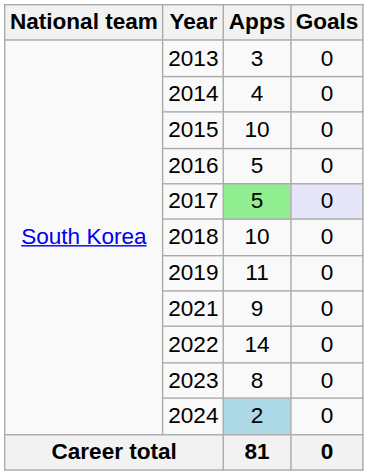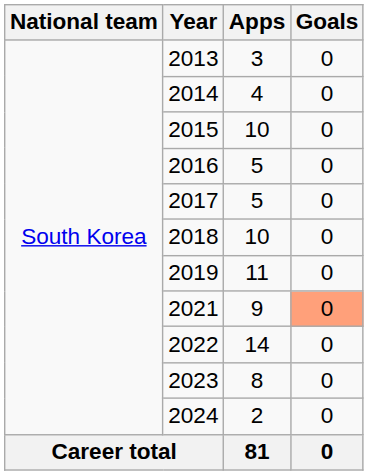 <table class="wikitable" style="text-align:center">
 <tr>
 <th>National team</th>
 <th>Year</th>
 <th>Apps</th>
 <th>Goals</th>
 </tr>
 <tr>
 <td rowspan="11"><a href='#'>South Korea</a></td>
 <td>2013</td>
 <td>3</td>
 <td>0</td>
 </tr>
 <tr>
 <td>2014</td>
 <td>4</td>
 <td>0</td>
 </tr>
 <tr>
 <td>2015</td>
 <td>10</td>
 <td>0</td>
 </tr>
 <tr>
 <td>2016</td>
 <td>5</td>
 <td>0</td>
 </tr>
 <tr>
 <td>2017</td>
-<td style="background: lightgreen;">5</td>
-<td style="background: lavender;">0</td>
+<td>5</td>
+<td>0</td>
 </tr>
 <tr>
 <td>2018</td>
 <td>10</td>
 <td>0</td>
 </tr>
 <tr>
 <td>2019</td>
 <td>11</td>
 <td>0</td>
 </tr>
 <tr>
 <td>2021</td>
 <td>9</td>
-<td>0</td>
+<td style="background: lightsalmon;">0</td>
 </tr>
 <tr>
 <td>2022</td>
 <td>14</td>
 <td>0</td>
 </tr>
 <tr>
 <td>2023</td>
 <td>8</td>
 <td>0</td>
 </tr>
 <tr>
 <td>2024</td>
-<td style="background: lightblue;">2</td>
+<td>2</td>
 <td>0</td>
 </tr>
 <tr>
 <th colspan="2">Career total</th>
 <th>81</th>
 <th>0</th>
 </tr>
 </table>
